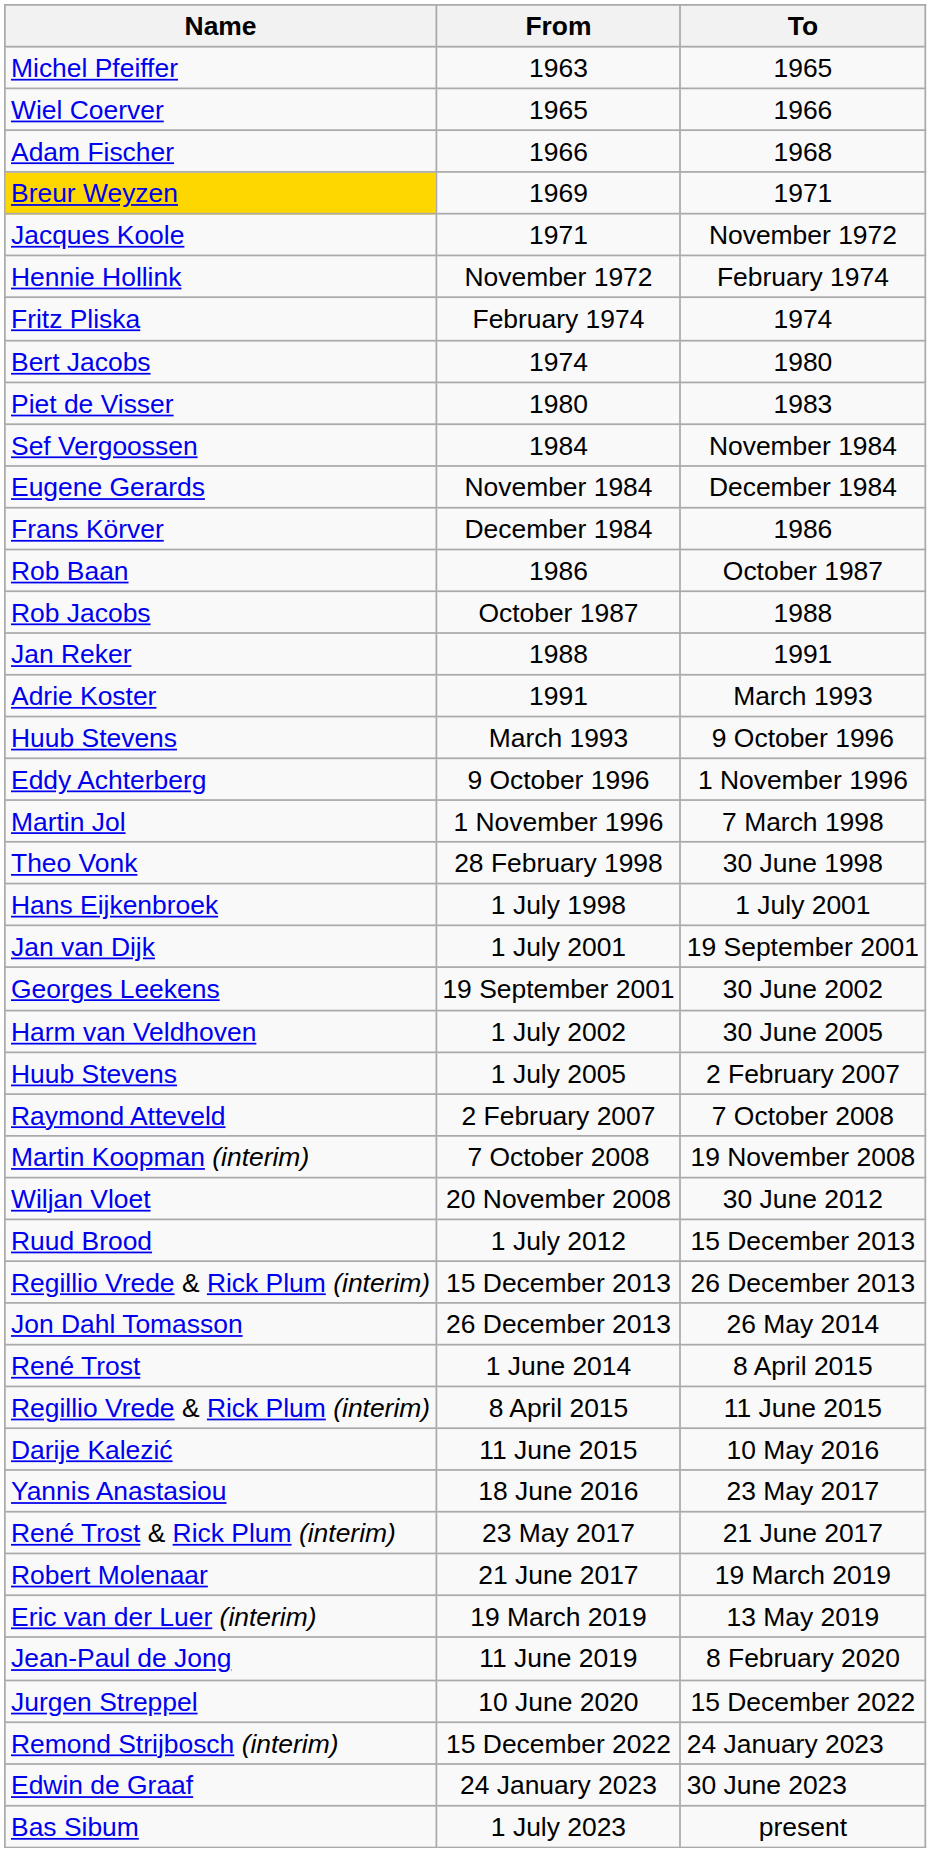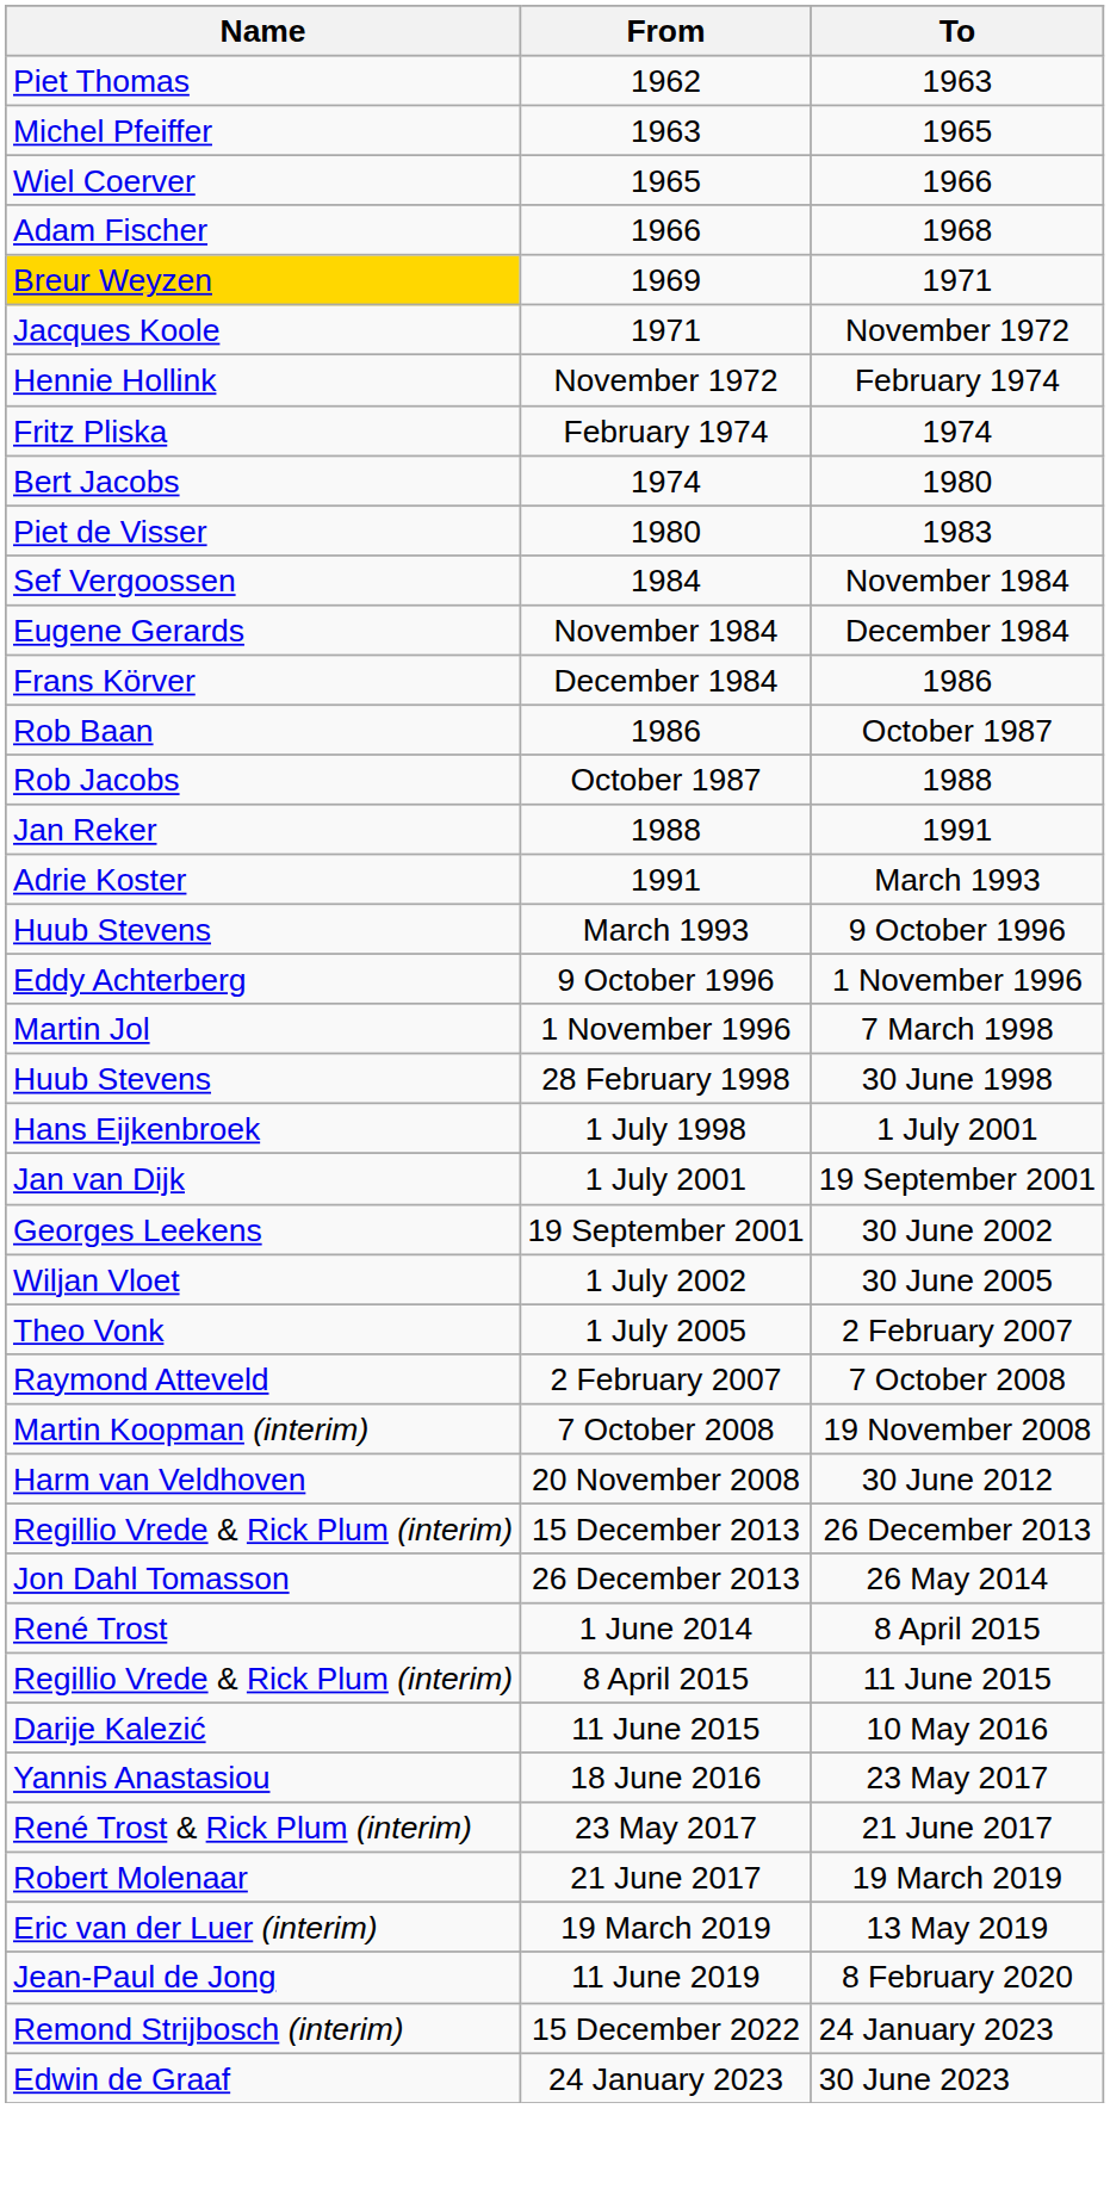 <table class=wikitable style="font-size:95%;">
 <tr style="background:#ccc;">
 <th>Name</th>
 <th>From</th>
 <th>To</th>
+</tr>
+<tr>
+<td> <a href='#'>Piet Thomas</a></td>
+<td style="text-align:center;">1962</td>
+<td style="text-align:center;">1963</td>
 </tr>
 <tr>
 <td> <a href='#'>Michel Pfeiffer</a></td>
 <td style="text-align:center;">1963</td>
 <td style="text-align:center;">1965</td>
 </tr>
 <tr>
 <td> <a href='#'>Wiel Coerver</a></td>
 <td style="text-align:center;">1965</td>
 <td style="text-align:center;">1966</td>
 </tr>
 <tr>
 <td> <a href='#'>Adam Fischer</a></td>
 <td style="text-align:center;">1966</td>
 <td style="text-align:center;">1968</td>
 </tr>
 <tr>
 <td style="background: gold;"> <a href='#'>Breur Weyzen</a></td>
 <td style="text-align:center;">1969</td>
 <td style="text-align:center;">1971</td>
 </tr>
 <tr>
 <td> <a href='#'>Jacques Koole</a></td>
 <td style="text-align:center;">1971</td>
 <td style="text-align:center;">November 1972</td>
 </tr>
 <tr>
 <td> <a href='#'>Hennie Hollink</a></td>
 <td style="text-align:center;">November 1972</td>
 <td style="text-align:center;">February 1974</td>
 </tr>
 <tr>
 <td> <a href='#'>Fritz Pliska</a></td>
 <td style="text-align:center;">February 1974</td>
 <td style="text-align:center;">1974</td>
 </tr>
 <tr>
 <td> <a href='#'>Bert Jacobs</a></td>
 <td style="text-align:center;">1974</td>
 <td style="text-align:center;">1980</td>
 </tr>
 <tr>
 <td> <a href='#'>Piet de Visser</a></td>
 <td style="text-align:center;">1980</td>
 <td style="text-align:center;">1983</td>
 </tr>
 <tr>
 <td> <a href='#'>Sef Vergoossen</a></td>
 <td style="text-align:center;">1984</td>
 <td style="text-align:center;">November 1984</td>
 </tr>
 <tr>
 <td> <a href='#'>Eugene Gerards</a></td>
 <td style="text-align:center;">November 1984</td>
 <td style="text-align:center;">December 1984</td>
 </tr>
 <tr>
 <td> <a href='#'>Frans Körver</a></td>
 <td style="text-align:center;">December 1984</td>
 <td style="text-align:center;">1986</td>
 </tr>
 <tr>
 <td> <a href='#'>Rob Baan</a></td>
 <td style="text-align:center;">1986</td>
 <td style="text-align:center;">October 1987</td>
 </tr>
 <tr>
 <td> <a href='#'>Rob Jacobs</a></td>
 <td style="text-align:center;">October 1987</td>
 <td style="text-align:center;">1988</td>
 </tr>
 <tr>
 <td> <a href='#'>Jan Reker</a></td>
 <td style="text-align:center;">1988</td>
 <td style="text-align:center;">1991</td>
 </tr>
 <tr>
 <td> <a href='#'>Adrie Koster</a></td>
 <td style="text-align:center;">1991</td>
 <td style="text-align:center;">March 1993</td>
 </tr>
 <tr>
 <td> <a href='#'>Huub Stevens</a></td>
 <td style="text-align:center;">March 1993</td>
 <td style="text-align:center;">9 October 1996</td>
 </tr>
 <tr>
 <td> <a href='#'>Eddy Achterberg</a></td>
 <td style="text-align:center;">9 October 1996</td>
 <td style="text-align:center;">1 November 1996</td>
 </tr>
 <tr>
 <td> <a href='#'>Martin Jol</a></td>
 <td style="text-align:center;">1 November 1996</td>
 <td style="text-align:center;">7 March 1998</td>
 </tr>
 <tr>
-<td> <a href='#'>Theo Vonk</a></td>
+<td> <a href='#'>Huub Stevens</a></td>
 <td style="text-align:center;">28 February 1998</td>
 <td style="text-align:center;">30 June 1998</td>
 </tr>
 <tr>
 <td> <a href='#'>Hans Eijkenbroek</a></td>
 <td style="text-align:center;">1 July 1998</td>
 <td style="text-align:center;">1 July 2001</td>
 </tr>
 <tr>
 <td> <a href='#'>Jan van Dijk</a></td>
 <td style="text-align:center;">1 July 2001</td>
 <td style="text-align:center;">19 September 2001</td>
 </tr>
 <tr>
 <td> <a href='#'>Georges Leekens</a></td>
 <td style="text-align:center;">19 September 2001</td>
 <td style="text-align:center;">30 June 2002</td>
 </tr>
 <tr>
-<td> <a href='#'>Harm van Veldhoven</a></td>
+<td> <a href='#'>Wiljan Vloet</a></td>
 <td style="text-align:center;">1 July 2002</td>
 <td style="text-align:center;">30 June 2005</td>
 </tr>
 <tr>
-<td> <a href='#'>Huub Stevens</a></td>
+<td> <a href='#'>Theo Vonk</a></td>
 <td style="text-align:center;">1 July 2005</td>
 <td style="text-align:center;">2 February 2007</td>
 </tr>
 <tr>
 <td> <a href='#'>Raymond Atteveld</a></td>
 <td style="text-align:center;">2 February 2007</td>
 <td style="text-align:center;">7 October 2008</td>
 </tr>
 <tr>
 <td> <a href='#'>Martin Koopman</a> <em>(interim)</em></td>
 <td style="text-align:center;">7 October 2008</td>
 <td style="text-align:center;">19 November 2008</td>
 </tr>
 <tr>
-<td> <a href='#'>Wiljan Vloet</a></td>
+<td> <a href='#'>Harm van Veldhoven</a></td>
 <td style="text-align:center;">20 November 2008</td>
 <td style="text-align:center;">30 June 2012</td>
-</tr>
-<tr>
-<td> <a href='#'>Ruud Brood</a></td>
-<td style="text-align:center;">1 July 2012</td>
-<td style="text-align:center;">15 December 2013</td>
 </tr>
 <tr>
 <td> <a href='#'>Regillio Vrede</a> &  <a href='#'>Rick Plum</a> <em>(interim)</em></td>
 <td style="text-align:center;">15 December 2013</td>
 <td style="text-align:center;">26 December 2013</td>
 </tr>
 <tr>
 <td> <a href='#'>Jon Dahl Tomasson</a></td>
 <td style="text-align:center;">26 December 2013</td>
 <td style="text-align:center;">26 May 2014</td>
 </tr>
 <tr>
 <td> <a href='#'>René Trost</a></td>
 <td style="text-align:center;">1 June 2014</td>
 <td style="text-align:center;">8 April 2015</td>
 </tr>
 <tr>
 <td> <a href='#'>Regillio Vrede</a> &  <a href='#'>Rick Plum</a> <em>(interim)</em></td>
 <td style="text-align:center;">8 April 2015</td>
 <td style="text-align:center;">11 June 2015</td>
 </tr>
 <tr>
 <td> <a href='#'>Darije Kalezić</a></td>
 <td style="text-align:center;">11 June 2015</td>
 <td style="text-align:center;">10 May 2016</td>
 </tr>
 <tr>
 <td> <a href='#'>Yannis Anastasiou</a></td>
 <td style="text-align:center;">18 June 2016</td>
 <td style="text-align:center;">23 May 2017</td>
 </tr>
 <tr>
 <td> <a href='#'>René Trost</a> &  <a href='#'>Rick Plum</a> <em>(interim)</em></td>
 <td style="text-align:center;">23 May 2017</td>
 <td style="text-align:center;">21 June 2017</td>
 </tr>
 <tr>
 <td> <a href='#'>Robert Molenaar</a></td>
 <td style="text-align:center;">21 June 2017</td>
 <td style="text-align:center;">19 March 2019</td>
 </tr>
 <tr>
 <td> <a href='#'>Eric van der Luer</a> <em>(interim)</em></td>
 <td style="text-align:center;">19 March 2019</td>
 <td style="text-align:center;">13 May 2019</td>
 </tr>
 <tr>
 <td> <a href='#'>Jean-Paul de Jong</a></td>
 <td style="text-align:center;">11 June 2019</td>
 <td style="text-align:center;">8 February 2020</td>
 </tr>
 <tr>
-<td> <a href='#'>Jurgen Streppel</a></td>
-<td style="text-align:center;">10 June 2020</td>
-<td style="text-align:center;">15 December 2022</td>
-</tr>
-<tr>
 <td> <a href='#'>Remond Strijbosch</a>  <em>(interim)</em></td>
 <td style="text-align:center;">15 December 2022</td>
 <td style="text- align:center;">24 January 2023</td>
 </tr>
 <tr>
 <td> <a href='#'>Edwin de Graaf</a></td>
 <td style="text-align:center;">24 January 2023</td>
 <td style="text- align:center;">30 June 2023</td>
 </tr>
-<tr>
-<td> <a href='#'>Bas Sibum</a></td>
-<td style="text-align:center;">1 July 2023</td>
-<td style="text-align:center;">present</td>
-</tr>
 </table>
